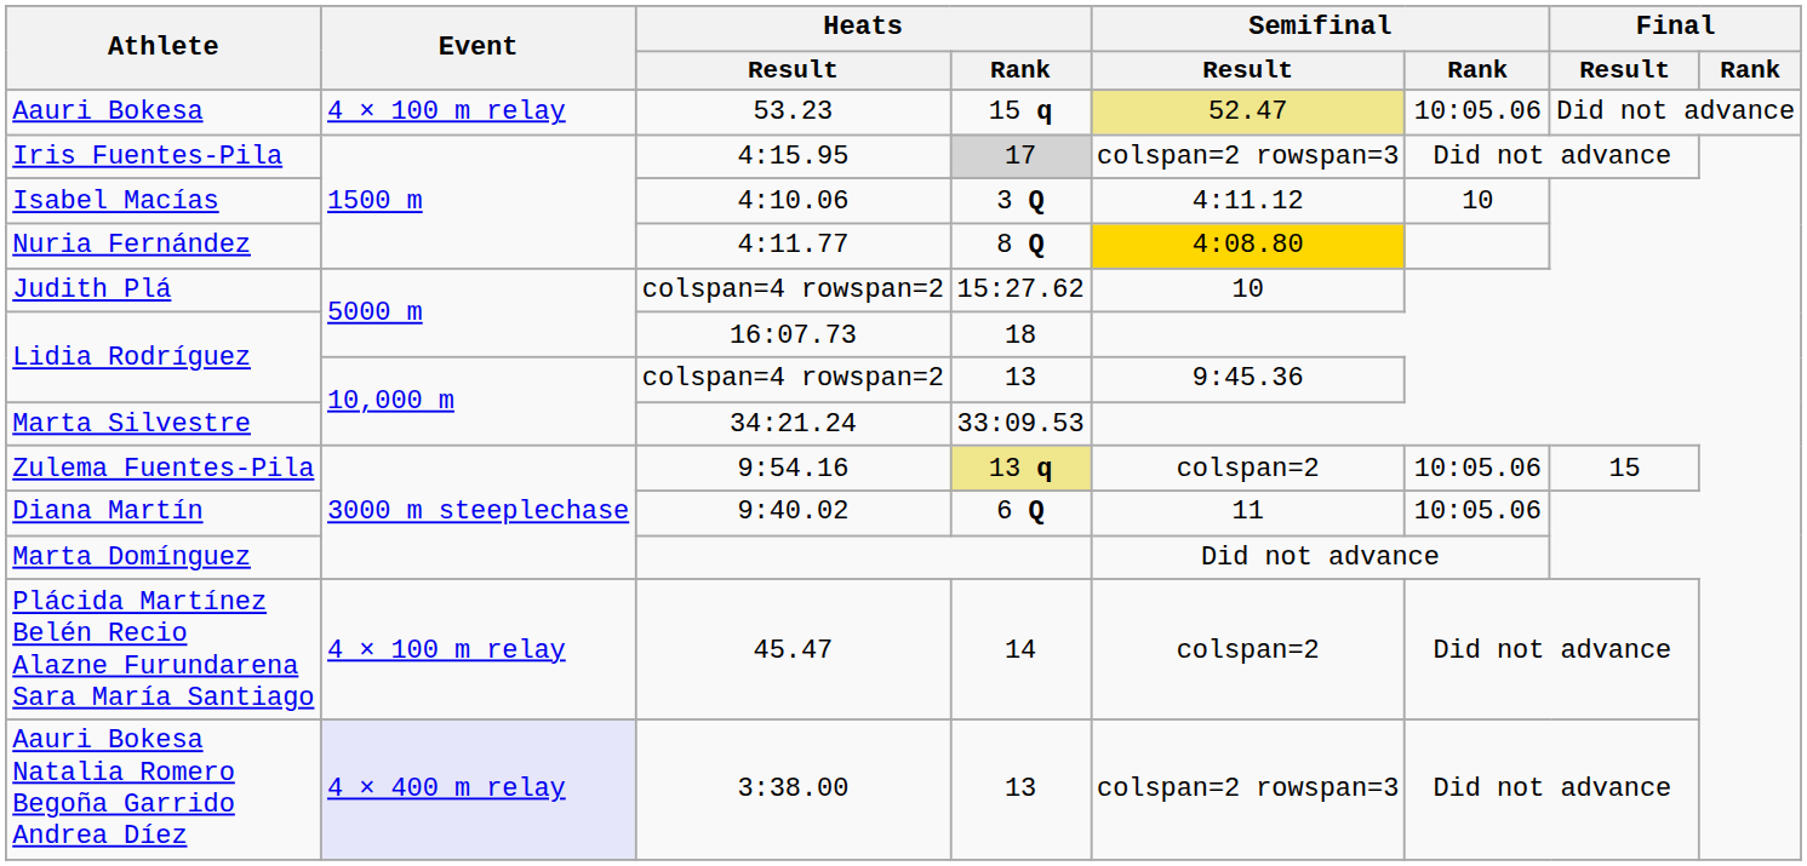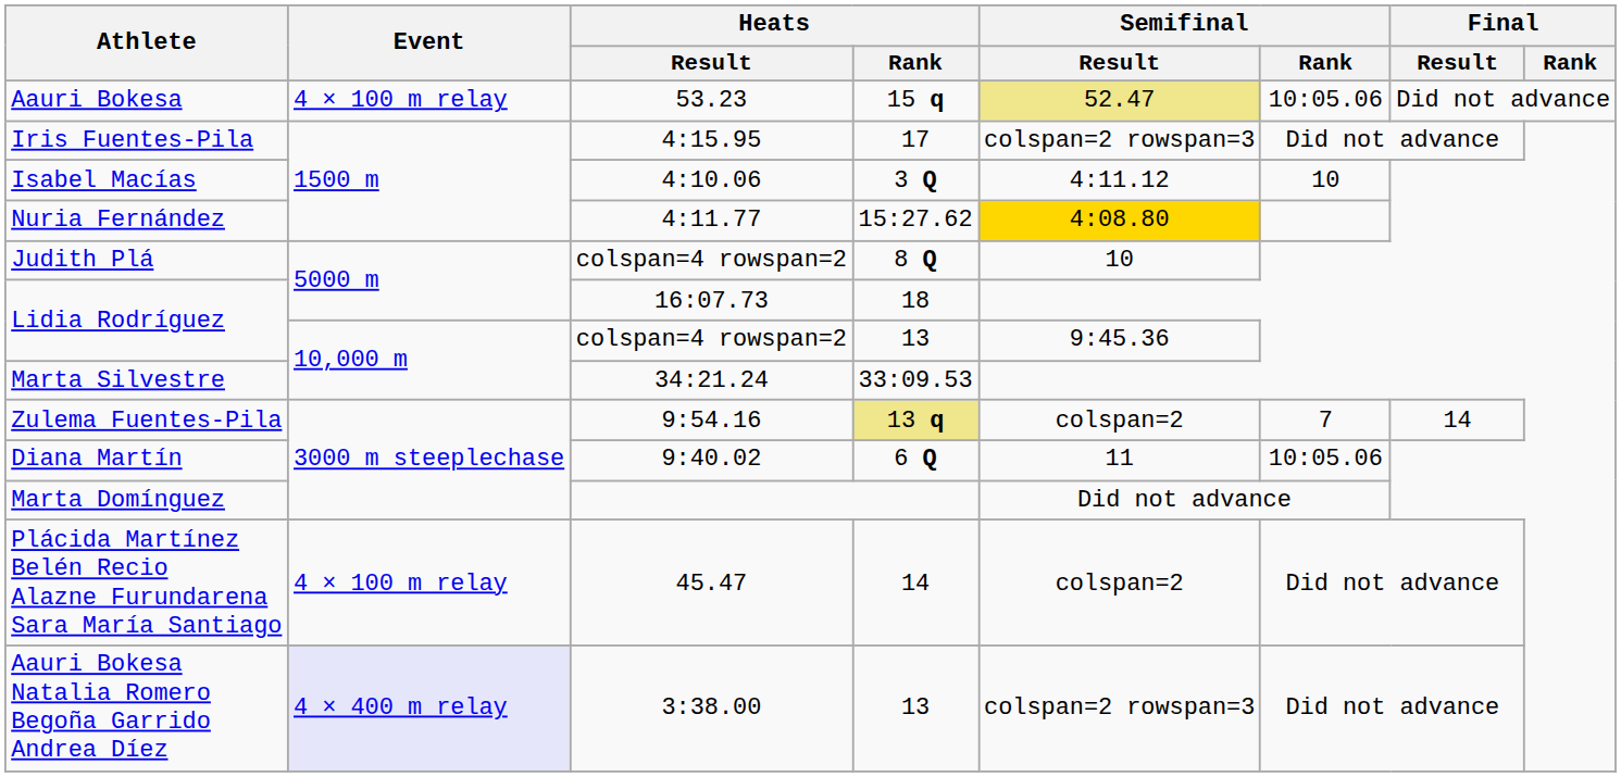 <table class="wikitable" style="font-size:90%">
 <tr>
 <th rowspan="2">Athlete</th>
 <th rowspan="2">Event</th>
 <th colspan="2">Heats</th>
 <th colspan="2">Semifinal</th>
 <th colspan="2">Final</th>
 </tr>
 <tr style="font-size:95%">
 <th>Result</th>
 <th>Rank</th>
 <th>Result</th>
 <th>Rank</th>
 <th>Result</th>
 <th>Rank</th>
 </tr>
 <tr align=center>
 <td align=left><a href='#'>Aauri Bokesa</a></td>
 <td align=left><a href='#'>4 × 100 m relay</a></td>
 <td>53.23</td>
 <td>15 <strong>q</strong></td>
 <td style="background: khaki;">52.47 <strong></strong></td>
 <td>10:05.06</td>
 <td colspan=2>Did not advance</td>
 </tr>
 <tr align=center>
 <td align=left><a href='#'>Iris Fuentes-Pila</a></td>
 <td align=left rowspan=3><a href='#'>1500 m</a></td>
 <td>4:15.95</td>
-<td style="background: lightgrey;">17</td>
+<td>17</td>
 <td>colspan=2 rowspan=3 </td>
 <td colspan=2>Did not advance</td>
 </tr>
 <tr align=center>
 <td align=left><a href='#'>Isabel Macías</a></td>
 <td>4:10.06</td>
 <td>3 <strong>Q</strong></td>
 <td>4:11.12</td>
 <td>10</td>
 </tr>
 <tr align=center>
 <td align=left><a href='#'>Nuria Fernández</a></td>
 <td>4:11.77</td>
-<td>8 <strong>Q</strong></td>
+<td>15:27.62 <strong></strong></td>
 <td style="background: gold;">4:08.80</td>
 <td></td>
 </tr>
 <tr align=center>
 <td align=left><a href='#'>Judith Plá</a></td>
 <td align=left rowspan=2><a href='#'>5000 m</a></td>
 <td>colspan=4 rowspan=2 </td>
-<td>15:27.62 <strong></strong></td>
+<td>8 <strong>Q</strong></td>
 <td>10</td>
 </tr>
 <tr align=center>
 <td align=left rowspan=2><a href='#'>Lidia Rodríguez</a></td>
 <td>16:07.73</td>
 <td>18</td>
 </tr>
 <tr align=center>
 <td align=left rowspan=2><a href='#'>10,000 m</a></td>
 <td>colspan=4 rowspan=2 </td>
 <td>13</td>
 <td>9:45.36</td>
 </tr>
 <tr align=center>
 <td align=left><a href='#'>Marta Silvestre</a></td>
 <td>34:21.24</td>
 <td>33:09.53</td>
 </tr>
 <tr align=center>
 <td align=left><a href='#'>Zulema Fuentes-Pila</a></td>
 <td align=left rowspan=3><a href='#'>3000 m steeplechase</a></td>
 <td>9:54.16</td>
 <td style="background: khaki;">13 <strong>q</strong></td>
 <td>colspan=2 </td>
-<td>10:05.06</td>
-<td>15</td>
+<td>7</td>
+<td>14</td>
 </tr>
 <tr align=center>
 <td align=left><a href='#'>Diana Martín</a></td>
 <td>9:40.02</td>
 <td>6 <strong>Q</strong></td>
 <td>11</td>
 <td>10:05.06</td>
 </tr>
 <tr align=center>
 <td align=left><a href='#'>Marta Domínguez</a></td>
 <td colspan=2></td>
 <td colspan=2>Did not advance</td>
 </tr>
 <tr align=center>
 <td align=left><a href='#'>Plácida Martínez</a><br><a href='#'>Belén Recio</a><br><a href='#'>Alazne Furundarena</a><br><a href='#'>Sara María Santiago</a></td>
 <td align=left><a href='#'>4 × 100 m relay</a></td>
 <td>45.47</td>
 <td>14</td>
 <td>colspan=2 </td>
 <td colspan=2>Did not advance</td>
 </tr>
 <tr align=center>
 <td align=left><a href='#'>Aauri Bokesa</a><br><a href='#'>Natalia Romero</a><br><a href='#'>Begoña Garrido</a><br><a href='#'>Andrea Díez</a></td>
 <td align=left style="background: lavender;"><a href='#'>4 × 400 m relay</a></td>
 <td>3:38.00</td>
 <td>13</td>
 <td>colspan=2 rowspan=3 </td>
 <td colspan=2>Did not advance</td>
 </tr>
 </table>
